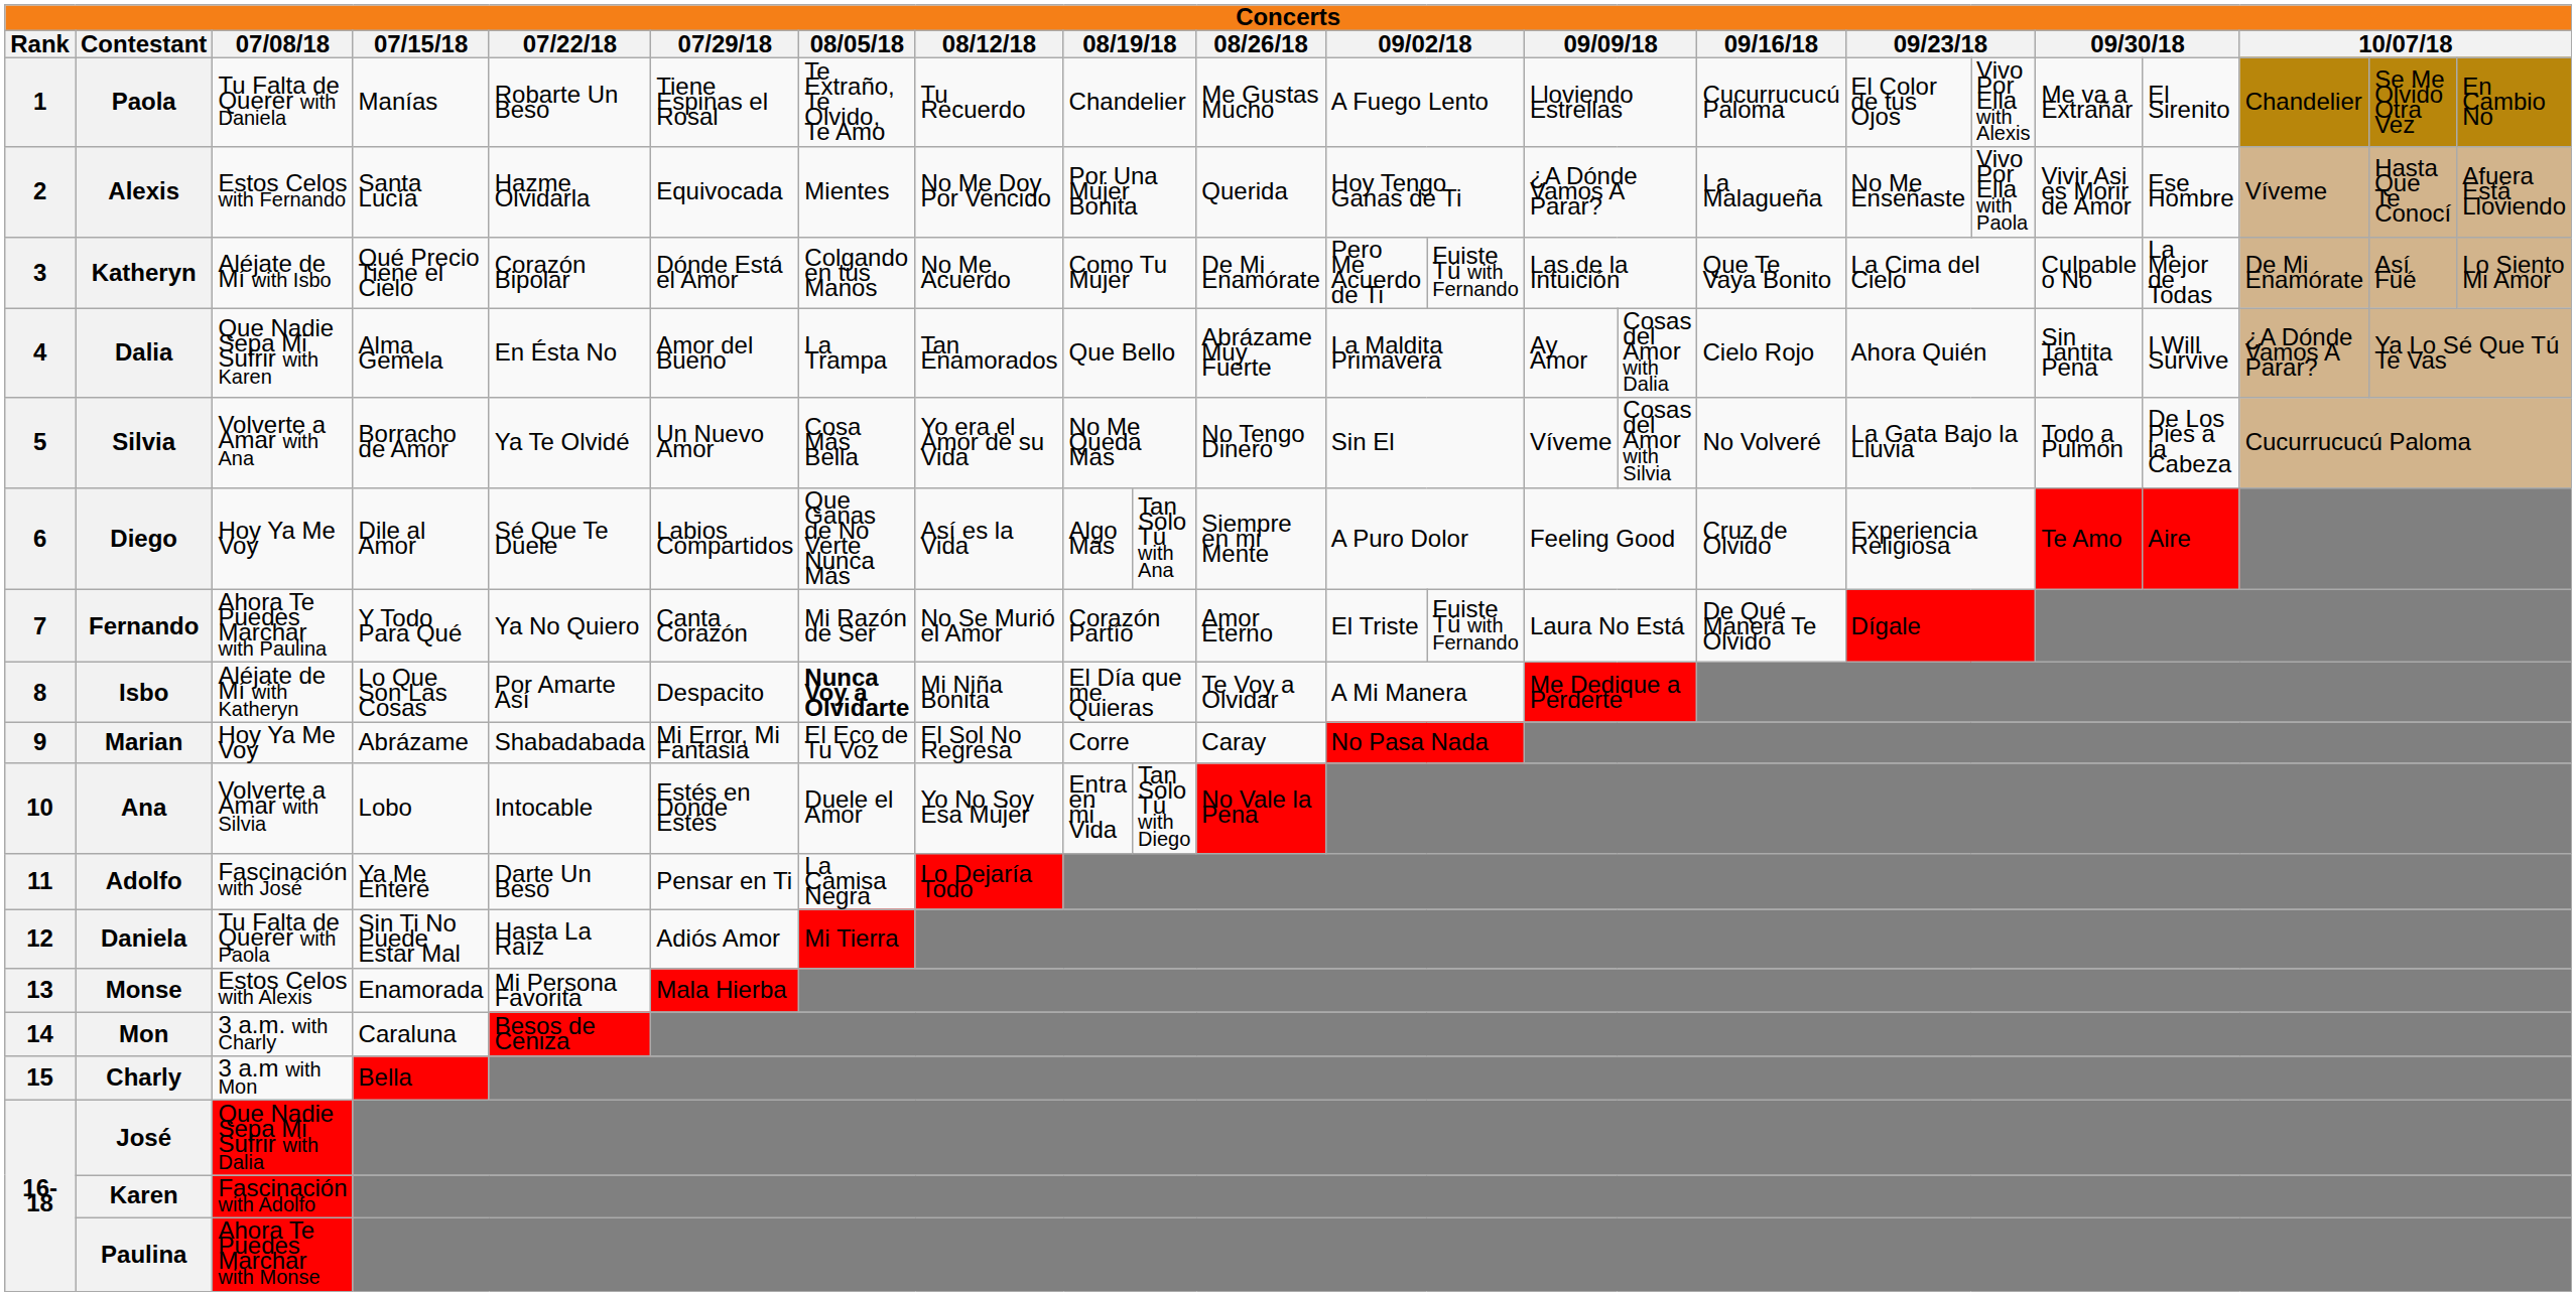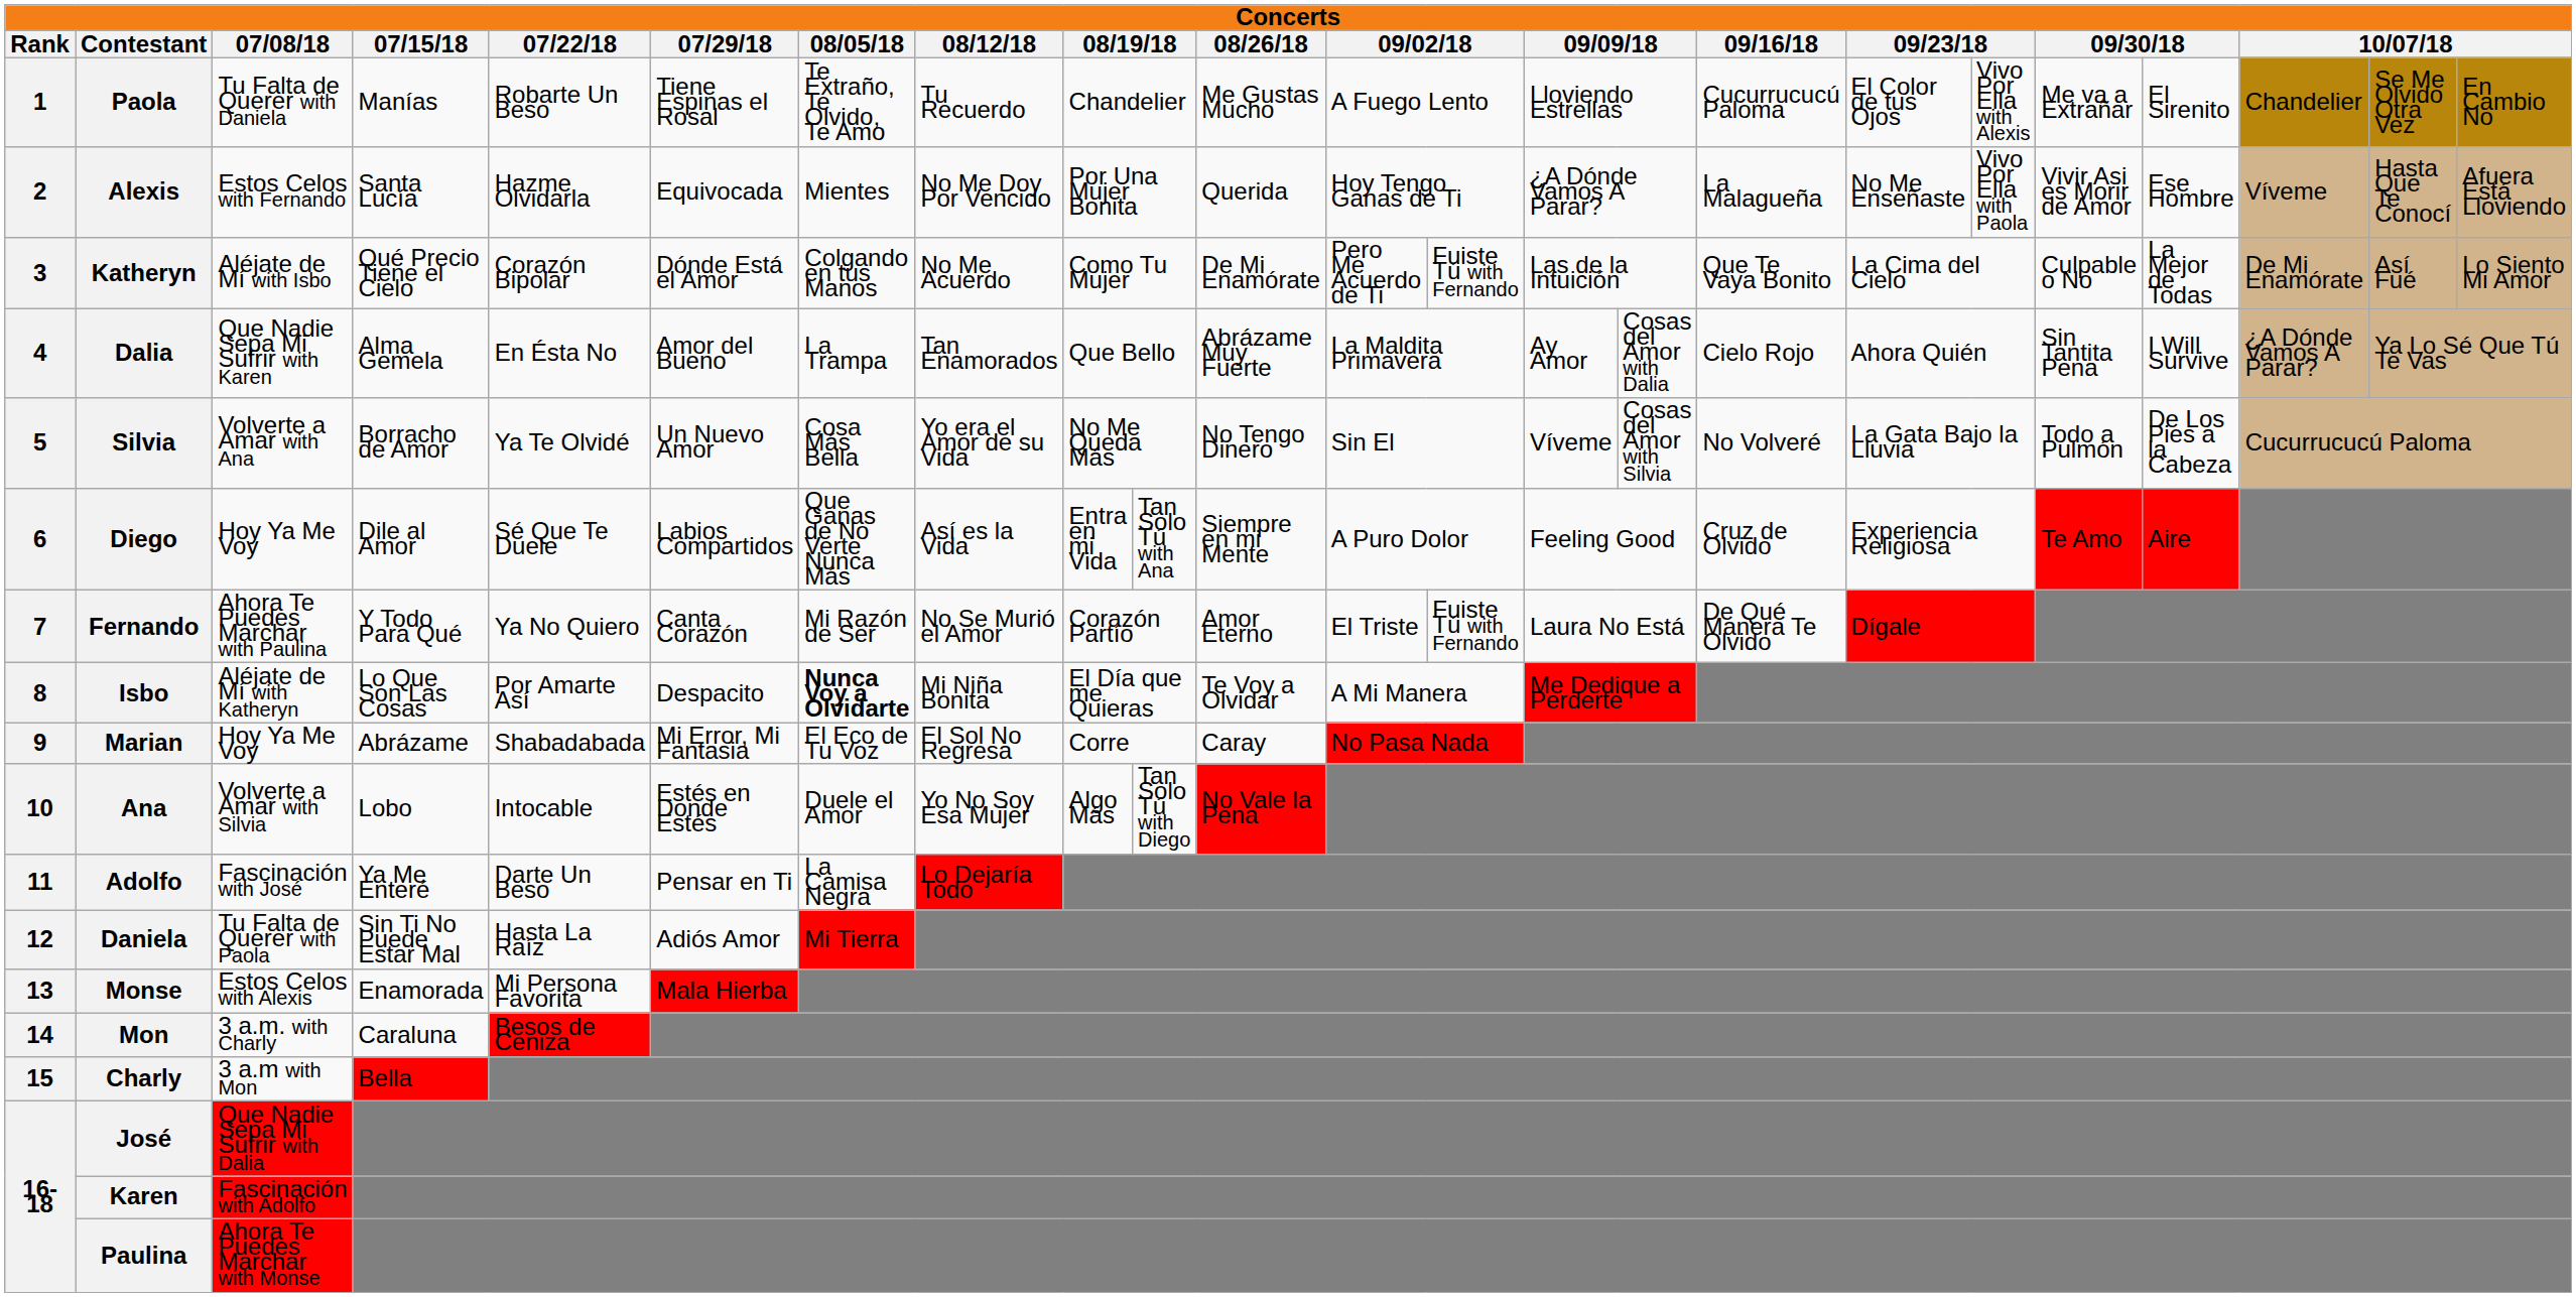 <table class="wikitable collapsible collapsed" style="text-align:left; line-height:10px; line-width:12px;">
 <tr>
 <th colspan="23" style="background:#F57F17;">Concerts</th>
 </tr>
 <tr>
 <th>Rank</th>
 <th>Contestant</th>
 <th>07/08/18</th>
 <th>07/15/18</th>
 <th>07/22/18</th>
 <th>07/29/18</th>
 <th>08/05/18</th>
 <th>08/12/18</th>
 <th colspan="2">08/19/18</th>
 <th>08/26/18</th>
 <th colspan="2">09/02/18</th>
 <th colspan="2">09/09/18</th>
 <th>09/16/18</th>
 <th colspan="2">09/23/18</th>
 <th colspan="2">09/30/18</th>
 <th colspan="3">10/07/18</th>
 </tr>
 <tr>
 <th>1</th>
 <th>Paola</th>
 <td>Tu Falta de Querer <small> with Daniela </small></td>
 <td>Manías</td>
 <td>Robarte Un Beso</td>
 <td>Tiene Espinas el Rosal</td>
 <td>Te Extraño, Te Olvido, Te Amo</td>
 <td>Tu Recuerdo</td>
 <td colspan="2">Chandelier</td>
 <td>Me Gustas Mucho</td>
 <td colspan="2">A Fuego Lento</td>
 <td colspan="2">Lloviendo Estrellas</td>
 <td>Cucurrucucú Paloma</td>
 <td>El Color de tus Ojos</td>
 <td>Vivo Por Ella <small> with Alexis </small></td>
 <td>Me va a Extrañar</td>
 <td>El Sirenito</td>
 <td style="background:DarkGoldenrod;">Chandelier</td>
 <td style="background:DarkGoldenrod;">Se Me Olvido Otra Vez</td>
 <td style="background:DarkGoldenrod;">En Cambio No</td>
 </tr>
 <tr>
 <th>2</th>
 <th>Alexis</th>
 <td>Estos Celos <small> with Fernando </small></td>
 <td>Santa Lucía</td>
 <td>Hazme Olvidarla</td>
 <td>Equivocada</td>
 <td>Mientes</td>
 <td>No Me Doy Por Vencido</td>
 <td colspan="2">Por Una Mujer Bonita</td>
 <td>Querida</td>
 <td colspan="2">Hoy Tengo Ganas de Ti</td>
 <td colspan="2">¿A Dónde Vamos A Parar?</td>
 <td>La Malagueña</td>
 <td>No Me Enseñaste</td>
 <td>Vivo Por Ella <small> with Paola </small></td>
 <td>Vivir Asi es Morir de Amor</td>
 <td>Ese Hombre</td>
 <td style="background:Tan;">Víveme</td>
 <td style="background:Tan;">Hasta Que Te Conocí</td>
 <td style="background:Tan;">Afuera Está Lloviendo</td>
 </tr>
 <tr>
 <th>3</th>
 <th>Katheryn</th>
 <td>Aléjate de Mí <small> with Isbo</small></td>
 <td>Qué Precio Tiene el Cielo</td>
 <td>Corazón Bipolar</td>
 <td>Dónde Está el Amor</td>
 <td>Colgando en tus Manos</td>
 <td>No Me Acuerdo</td>
 <td colspan="2">Como Tu Mujer</td>
 <td>De Mi Enamórate</td>
 <td>Pero Me Acuerdo de Ti</td>
 <td>Fuiste Tú <small> with Fernando</small></td>
 <td colspan="2">Las de la Intuición</td>
 <td>Que Te Vaya Bonito</td>
 <td colspan="2">La Cima del Cielo</td>
 <td>Culpable o No</td>
 <td>La Mejor de Todas</td>
 <td style="background:Tan;">De Mi Enamórate</td>
 <td style="background:Tan;">Así Fué</td>
 <td style="background:Tan;">Lo Siento Mi Amor</td>
 </tr>
 <tr>
 <th>4</th>
 <th>Dalia</th>
 <td>Que Nadie Sepa Mi Sufrir <small> with Karen </small></td>
 <td>Alma Gemela</td>
 <td>En Ésta No</td>
 <td>Amor del Bueno</td>
 <td>La Trampa</td>
 <td>Tan Enamorados</td>
 <td colspan="2">Que Bello</td>
 <td>Abrázame Muy Fuerte</td>
 <td colspan="2">La Maldita Primavera</td>
 <td>Ay Amor</td>
 <td>Cosas del Amor <small> with Dalia </small></td>
 <td>Cielo Rojo</td>
 <td colspan="2">Ahora Quién</td>
 <td>Sin Tantita Pena</td>
 <td>I Will Survive</td>
 <td style="background:Tan;">¿A Dónde Vamos A Parar?</td>
 <td style="background:Tan;" colspan="2">Ya Lo Sé Que Tú Te Vas</td>
 </tr>
 <tr>
 <th>5</th>
 <th>Silvia</th>
 <td>Volverte a Amar <small> with Ana </small></td>
 <td>Borracho de Amor</td>
 <td>Ya Te Olvidé</td>
 <td>Un Nuevo Amor</td>
 <td>Cosa Más Bella</td>
 <td>Yo era el Amor de su Vida</td>
 <td colspan="2">No Me Queda Más</td>
 <td>No Tengo Dinero</td>
 <td colspan="2">Sin El</td>
 <td>Víveme</td>
 <td>Cosas del Amor <small> with Silvia </small></td>
 <td>No Volveré</td>
 <td colspan="2">La Gata Bajo la Lluvia</td>
 <td>Todo a Pulmón</td>
 <td>De Los Pies a la Cabeza</td>
 <td style="background:Tan;" colspan="3">Cucurrucucú Paloma</td>
 </tr>
 <tr>
 <th>6</th>
 <th>Diego</th>
 <td>Hoy Ya Me Voy</td>
 <td>Dile al Amor</td>
 <td>Sé Que Te Duele</td>
 <td>Labios Compartidos</td>
 <td>Que Ganas de No Verte Nunca Más</td>
 <td>Así es la Vida</td>
-<td>Algo Más</td>
+<td>Entra en mi Vida</td>
 <td>Tan Solo Tú <small> with Ana </small></td>
 <td>Siempre en mi Mente</td>
 <td colspan="2">A Puro Dolor</td>
 <td colspan="2">Feeling Good</td>
 <td>Cruz de Olvido</td>
 <td colspan="2">Experiencia Religiosa</td>
 <td style="background:red;">Te Amo</td>
 <td style="background:red;">Aire</td>
 <td style="background:gray;" colspan="4"></td>
 </tr>
 <tr>
 <th>7</th>
 <th>Fernando</th>
 <td>Ahora Te Puedes Marchar <small> with Paulina </small></td>
 <td>Y Todo Para Qué</td>
 <td>Ya No Quiero</td>
 <td>Canta Corazón</td>
 <td>Mi Razón de Ser</td>
 <td>No Se Murió el Amor</td>
 <td colspan="2">Corazón Partío</td>
 <td>Amor Eterno</td>
 <td>El Triste</td>
 <td>Fuiste Tú <small> with Fernando</small></td>
 <td colspan="2">Laura No Está</td>
 <td>De Qué Manera Te Olvido</td>
 <td style="background:red;" colspan="2">Dígale</td>
 <td style="background:gray;" colspan="5"></td>
 </tr>
 <tr>
 <th>8</th>
 <th>Isbo</th>
 <td>Aléjate de Mí <small> with Katheryn </small></td>
 <td>Lo Que Son Las Cosas</td>
 <td>Por Amarte Así</td>
 <td>Despacito</td>
 <td><strong>Nunca Voy a Olvidarte</strong></td>
 <td>Mi Niña Bonita</td>
 <td colspan="2">El Día que me Quieras</td>
 <td>Te Voy a Olvidar</td>
 <td colspan="2">A Mi Manera</td>
 <td style="background:red;" colspan="2">Me Dedique a Perderte</td>
 <td style="background:gray;" colspan="8"></td>
 </tr>
 <tr>
 <th>9</th>
 <th>Marian</th>
 <td>Hoy Ya Me Voy</td>
 <td>Abrázame</td>
 <td>Shabadabada</td>
 <td>Mi Error, Mi Fantasia</td>
 <td>El Eco de Tu Voz</td>
 <td>El Sol No Regresa</td>
 <td colspan="2">Corre</td>
 <td>Caray</td>
 <td style="background:red;" colspan="2">No Pasa Nada</td>
 <td style="background:gray;" colspan="10"></td>
 </tr>
 <tr>
 <th>10</th>
 <th>Ana</th>
 <td>Volverte a Amar <small> with Silvia </small></td>
 <td>Lobo</td>
 <td>Intocable</td>
 <td>Estés en Donde Estés</td>
 <td>Duele el Amor</td>
 <td>Yo No Soy Esa Mujer</td>
-<td>Entra en mi Vida</td>
+<td>Algo Más</td>
 <td>Tan Solo Tú <small> with Diego </small></td>
 <td style="background:red;">No Vale la Pena</td>
 <td style="background:gray;" colspan="12"></td>
 </tr>
 <tr>
 <th>11</th>
 <th>Adolfo</th>
 <td>Fascinación <small> with José </small></td>
 <td>Ya Me Enteré</td>
 <td>Darte Un Beso</td>
 <td>Pensar en Ti</td>
 <td>La Camisa Negra</td>
 <td style="background:red;">Lo Dejaría Todo</td>
 <td style="background:gray;" colspan="15"></td>
 </tr>
 <tr>
 <th>12</th>
 <th>Daniela</th>
 <td>Tu Falta de Querer <small> with Paola </small></td>
 <td>Sin Ti No Puede Estar Mal</td>
 <td>Hasta La Raíz</td>
 <td>Adiós Amor</td>
 <td style="background:red;">Mi Tierra</td>
 <td style="background:gray;" colspan="16"></td>
 </tr>
 <tr>
 <th>13</th>
 <th>Monse</th>
 <td>Estos Celos <small> with Alexis </small></td>
 <td>Enamorada</td>
 <td>Mi Persona Favorita</td>
 <td style="background:red;">Mala Hierba</td>
 <td style="background:gray;" colspan="17"></td>
 </tr>
 <tr>
 <th>14</th>
 <th>Mon</th>
 <td>3 a.m. <small> with Charly </small></td>
 <td>Caraluna</td>
 <td style="background:red;">Besos de Ceniza</td>
 <td style="background:gray;" colspan="18"></td>
 </tr>
 <tr>
 <th>15</th>
 <th>Charly</th>
 <td>3 a.m <small> with Mon </small></td>
 <td style="background:red;">Bella</td>
 <td style="background:gray;" colspan="20"></td>
 </tr>
 <tr>
 <th rowspan=6>16-18</th>
 <th>José</th>
 <td style="background:red;">Que Nadie Sepa Mi Sufrir <small> with Dalia</small></td>
 <td style="background:gray;" colspan="20"></td>
 </tr>
 <tr>
 <th>Karen</th>
 <td style="background:red;">Fascinación <small> with Adolfo</small></td>
 <td style="background:gray;" colspan="20"></td>
 </tr>
 <tr>
 <th>Paulina</th>
 <td style="background:red;">Ahora Te Puedes Marchar <small> with Monse</small></td>
 <td style="background:gray;" colspan="20"></td>
 </tr>
 </table>
